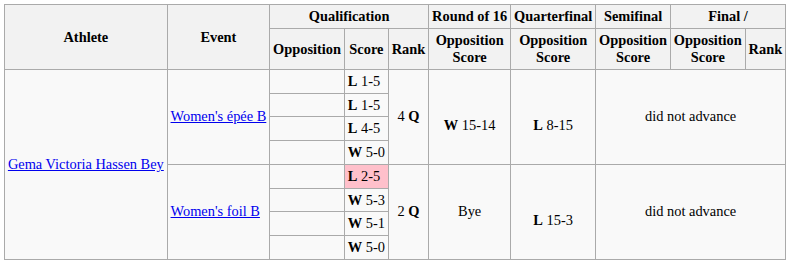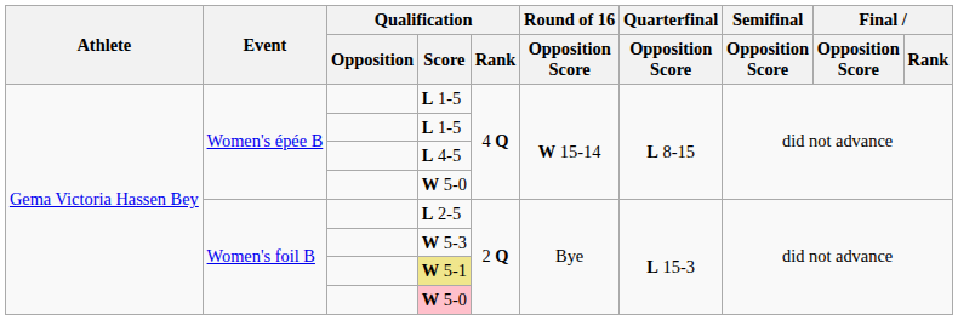 <table class=wikitable style="font-size:90%">
 <tr>
 <th rowspan="2">Athlete</th>
 <th rowspan="2">Event</th>
 <th colspan="3">Qualification</th>
 <th>Round of 16</th>
 <th>Quarterfinal</th>
 <th>Semifinal</th>
 <th colspan="2">Final / </th>
 </tr>
 <tr>
 <th>Opposition</th>
 <th>Score</th>
 <th>Rank</th>
 <th>Opposition<br>Score</th>
 <th>Opposition<br>Score</th>
 <th>Opposition<br>Score</th>
 <th>Opposition<br>Score</th>
 <th>Rank</th>
 </tr>
 <tr>
 <td rowspan=8><a href='#'>Gema Victoria Hassen Bey</a></td>
 <td rowspan=4><a href='#'>Women's épée B</a></td>
 <td></td>
 <td><strong>L</strong> 1-5</td>
 <td align="center" rowspan=4>4 <strong>Q</strong></td>
 <td align="center" rowspan=4><br><strong>W</strong> 15-14</td>
 <td align="center" rowspan=4><br><strong>L</strong> 8-15</td>
 <td align="center" rowspan=4 colspan=3>did not advance</td>
 </tr>
 <tr>
 <td></td>
 <td><strong>L</strong> 1-5</td>
 </tr>
 <tr>
 <td></td>
 <td><strong>L</strong> 4-5</td>
 </tr>
 <tr>
 <td></td>
 <td><strong>W</strong> 5-0</td>
 </tr>
 <tr>
 <td rowspan=4><a href='#'>Women's foil B</a></td>
 <td></td>
-<td style="background: pink;"><strong>L</strong> 2-5</td>
+<td><strong>L</strong> 2-5</td>
 <td align="center" rowspan=4>2 <strong>Q</strong></td>
 <td align="center" rowspan=4>Bye</td>
 <td align="center" rowspan=4><br><strong>L</strong> 15-3</td>
 <td align="center" rowspan=4 colspan=4>did not advance</td>
 </tr>
 <tr>
 <td></td>
 <td><strong>W</strong> 5-3</td>
 </tr>
 <tr>
 <td></td>
-<td><strong>W</strong> 5-1</td>
+<td style="background: khaki;"><strong>W</strong> 5-1</td>
 </tr>
 <tr>
 <td></td>
-<td><strong>W</strong> 5-0</td>
+<td style="background: pink;"><strong>W</strong> 5-0</td>
 </tr>
 </table>
